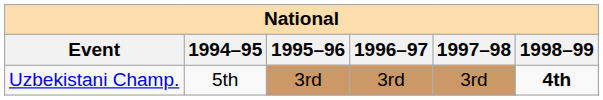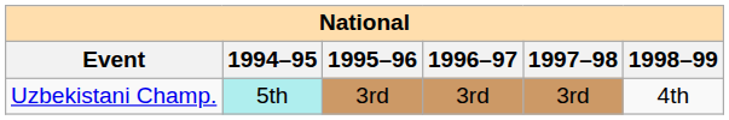 <table class="wikitable" style="text-align:center">
 <tr>
 <th style="background-color: #ffdead; " colspan=6 align=center>National</th>
 </tr>
 <tr>
 <th>Event</th>
 <th>1994–95</th>
 <th>1995–96</th>
 <th>1996–97</th>
 <th>1997–98</th>
 <th>1998–99</th>
 </tr>
 <tr>
 <td align=left><a href='#'>Uzbekistani Champ.</a></td>
-<td>5th</td>
+<td style="background: paleturquoise;">5th</td>
 <td bgcolor=cc9966>3rd</td>
 <td bgcolor=cc9966>3rd</td>
 <td bgcolor=cc9966>3rd</td>
-<td><strong>4th</strong></td>
+<td>4th</td>
 </tr>
 </table>
